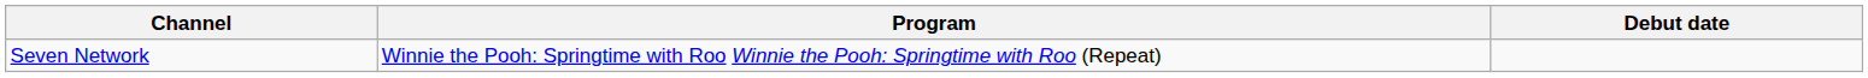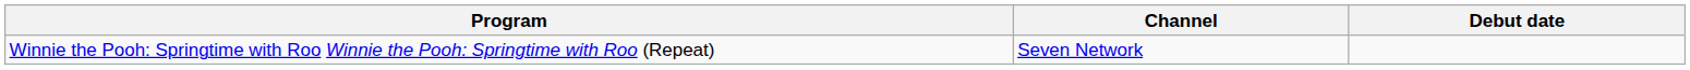 <table class="wikitable sortable" width="100%" style="font-size:87%;">
 <tr bgcolor="#efefef">
+<th width=60%>Program</th>
 <th width=20%>Channel</th>
-<th width=60%>Program</th>
 <th width=20%>Debut date</th>
 </tr>
 <tr>
+<td><span><a href='#'>Winnie the Pooh: Springtime with Roo</a></span>  <em><a href='#'>Winnie the Pooh: Springtime with Roo</a></em> (Repeat)</td>
 <td><a href='#'>Seven Network</a></td>
-<td><span><a href='#'>Winnie the Pooh: Springtime with Roo</a></span>  <em><a href='#'>Winnie the Pooh: Springtime with Roo</a></em> (Repeat)</td>
 <td></td>
 </tr>
 </table>
